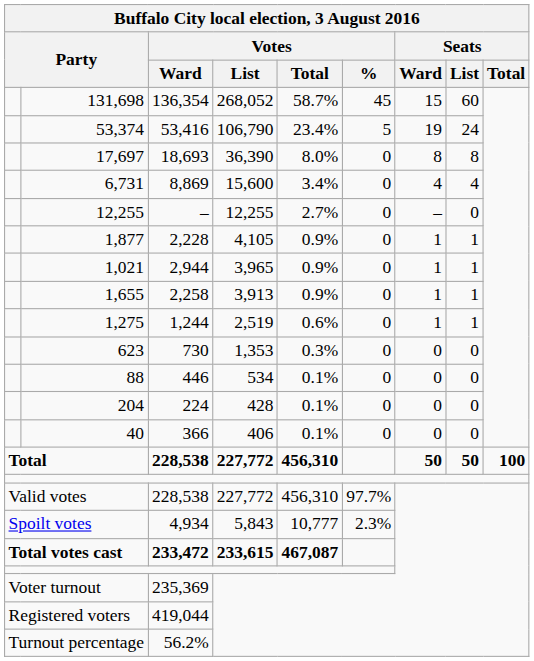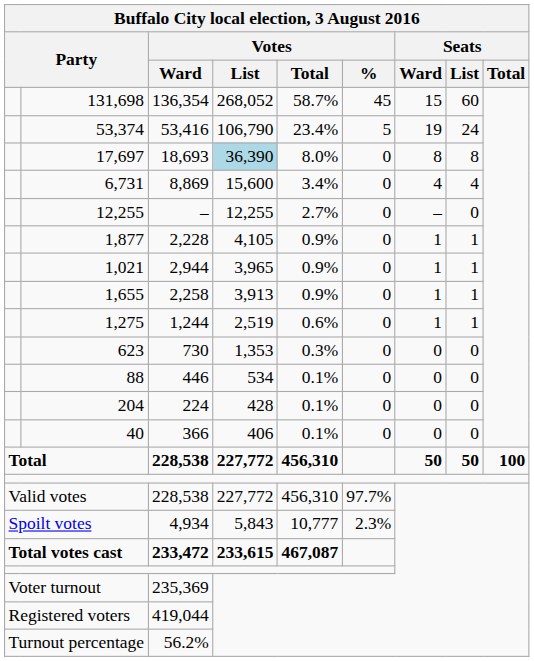 <table class=wikitable style="text-align:right">
 <tr>
 <th colspan="9" align="center">Buffalo City local election, 3 August 2016</th>
 </tr>
 <tr>
 <th rowspan="2" colspan="2">Party</th>
 <th colspan="4" align="center">Votes</th>
 <th colspan="3" align="center">Seats</th>
 </tr>
 <tr>
 <th>Ward</th>
 <th>List</th>
 <th>Total</th>
 <th>%</th>
 <th>Ward</th>
 <th>List</th>
 <th>Total</th>
 </tr>
 <tr>
 <td></td>
 <td>131,698</td>
 <td>136,354</td>
 <td>268,052</td>
 <td>58.7%</td>
 <td>45</td>
 <td>15</td>
 <td>60</td>
 </tr>
 <tr>
 <td></td>
 <td>53,374</td>
 <td>53,416</td>
 <td>106,790</td>
 <td>23.4%</td>
 <td>5</td>
 <td>19</td>
 <td>24</td>
 </tr>
 <tr>
 <td></td>
 <td>17,697</td>
 <td>18,693</td>
-<td>36,390</td>
+<td style="background: lightblue;">36,390</td>
 <td>8.0%</td>
 <td>0</td>
 <td>8</td>
 <td>8</td>
 </tr>
 <tr>
 <td></td>
 <td>6,731</td>
 <td>8,869</td>
 <td>15,600</td>
 <td>3.4%</td>
 <td>0</td>
 <td>4</td>
 <td>4</td>
 </tr>
 <tr>
 <td></td>
 <td>12,255</td>
 <td>–</td>
 <td>12,255</td>
 <td>2.7%</td>
 <td>0</td>
 <td>–</td>
 <td>0</td>
 </tr>
 <tr>
 <td></td>
 <td>1,877</td>
 <td>2,228</td>
 <td>4,105</td>
 <td>0.9%</td>
 <td>0</td>
 <td>1</td>
 <td>1</td>
 </tr>
 <tr>
 <td></td>
 <td>1,021</td>
 <td>2,944</td>
 <td>3,965</td>
 <td>0.9%</td>
 <td>0</td>
 <td>1</td>
 <td>1</td>
 </tr>
 <tr>
 <td></td>
 <td>1,655</td>
 <td>2,258</td>
 <td>3,913</td>
 <td>0.9%</td>
 <td>0</td>
 <td>1</td>
 <td>1</td>
 </tr>
 <tr>
 <td></td>
 <td>1,275</td>
 <td>1,244</td>
 <td>2,519</td>
 <td>0.6%</td>
 <td>0</td>
 <td>1</td>
 <td>1</td>
 </tr>
 <tr>
 <td></td>
 <td>623</td>
 <td>730</td>
 <td>1,353</td>
 <td>0.3%</td>
 <td>0</td>
 <td>0</td>
 <td>0</td>
 </tr>
 <tr>
 <td></td>
 <td>88</td>
 <td>446</td>
 <td>534</td>
 <td>0.1%</td>
 <td>0</td>
 <td>0</td>
 <td>0</td>
 </tr>
 <tr>
 <td></td>
 <td>204</td>
 <td>224</td>
 <td>428</td>
 <td>0.1%</td>
 <td>0</td>
 <td>0</td>
 <td>0</td>
 </tr>
 <tr>
 <td></td>
 <td>40</td>
 <td>366</td>
 <td>406</td>
 <td>0.1%</td>
 <td>0</td>
 <td>0</td>
 <td>0</td>
 </tr>
 <tr>
 <td colspan="2" style="text-align:left"><strong>Total</strong></td>
 <td><strong>228,538</strong></td>
 <td><strong>227,772</strong></td>
 <td><strong>456,310</strong></td>
 <td></td>
 <td><strong>50</strong></td>
 <td><strong>50</strong></td>
 <td><strong>100</strong></td>
 </tr>
 <tr>
 <td colspan="9"></td>
 </tr>
 <tr>
 <td colspan="2" style="text-align:left">Valid votes</td>
 <td>228,538</td>
 <td>227,772</td>
 <td>456,310</td>
 <td>97.7%</td>
 </tr>
 <tr>
 <td colspan="2" style="text-align:left"><a href='#'>Spoilt votes</a></td>
 <td>4,934</td>
 <td>5,843</td>
 <td>10,777</td>
 <td>2.3%</td>
 </tr>
 <tr>
 <td colspan="2" style="text-align:left"><strong>Total votes cast</strong></td>
 <td><strong>233,472</strong></td>
 <td><strong>233,615</strong></td>
 <td><strong>467,087</strong></td>
 <td></td>
 </tr>
 <tr>
 <td colspan="6"></td>
 </tr>
 <tr>
 <td colspan="2" style="text-align:left">Voter turnout</td>
 <td>235,369</td>
 </tr>
 <tr>
 <td colspan="2" style="text-align:left">Registered voters</td>
 <td>419,044</td>
 </tr>
 <tr>
 <td colspan="2" style="text-align:left">Turnout percentage</td>
 <td>56.2%</td>
 </tr>
 </table>
